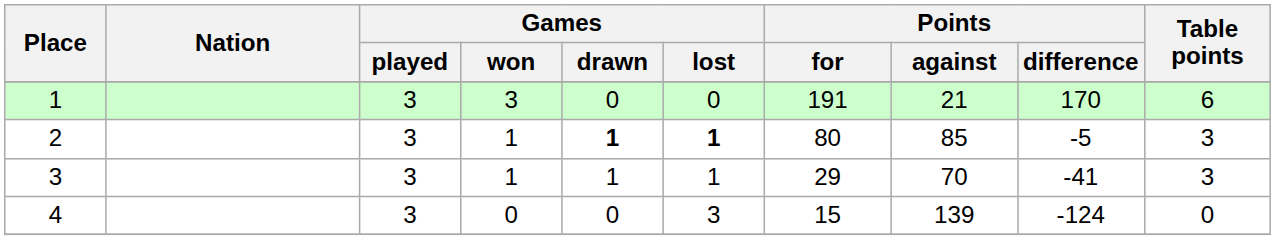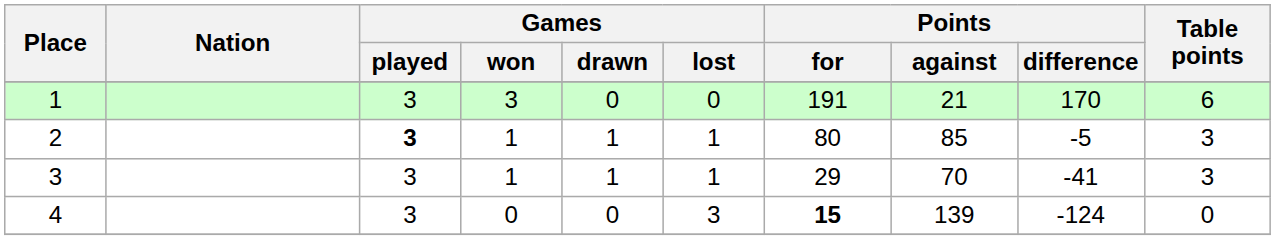 <table class="wikitable">
 <tr>
 <th rowspan=2 width="8%">Place</th>
 <th rowspan=2 width="20%">Nation</th>
 <th colspan=4 width="32%">Games</th>
 <th colspan=3 width="30%">Points</th>
 <th rowspan=2 width="10%">Table<br>points</th>
 </tr>
 <tr>
 <th width="8%">played</th>
 <th width="8%">won</th>
 <th width="8%">drawn</th>
 <th width="8%">lost</th>
 <th width="10%">for</th>
 <th width="10%">against</th>
 <th width="10%">difference</th>
 </tr>
 <tr>
 </tr>
 <tr bgcolor=#ccffcc align=center>
 <td>1</td>
 <td align=left><strong></strong></td>
 <td>3</td>
 <td>3</td>
 <td>0</td>
 <td>0</td>
 <td>191</td>
 <td>21</td>
 <td>170</td>
 <td>6</td>
 </tr>
 <tr bgcolor=#ffffff align=center>
 <td>2</td>
 <td align=left></td>
-<td>3</td>
+<td><strong>3</strong></td>
 <td>1</td>
-<td><strong>1</strong></td>
-<td><strong>1</strong></td>
+<td>1</td>
+<td>1</td>
 <td>80</td>
 <td>85</td>
 <td>-5</td>
 <td>3</td>
 </tr>
 <tr bgcolor=#ffffff align=center>
 <td>3</td>
 <td align=left></td>
 <td>3</td>
 <td>1</td>
 <td>1</td>
 <td>1</td>
 <td>29</td>
 <td>70</td>
 <td>-41</td>
 <td>3</td>
 </tr>
 <tr bgcolor=#ffffff align=center>
 <td>4</td>
 <td align=left></td>
 <td>3</td>
 <td>0</td>
 <td>0</td>
 <td>3</td>
-<td>15</td>
+<td><strong>15</strong></td>
 <td>139</td>
 <td>-124</td>
 <td>0</td>
 </tr>
 <tr bgcolor=#ffcccc align=center>
 </tr>
 </table>
